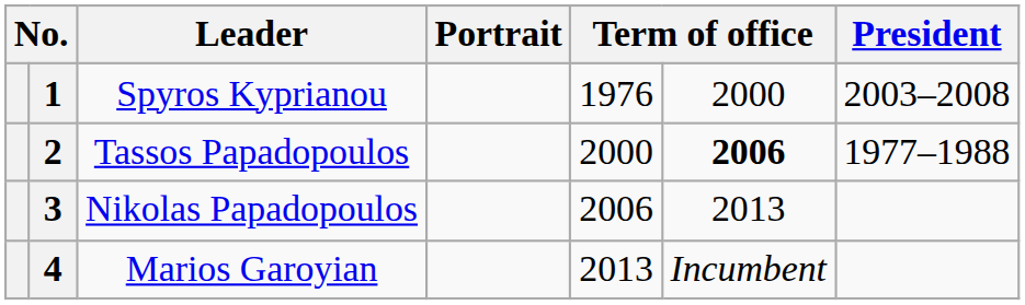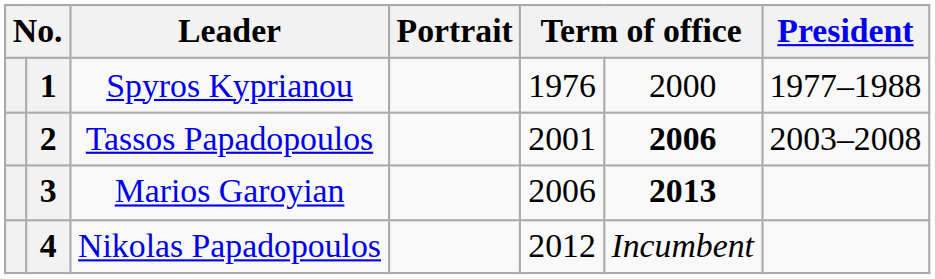 <table class="wikitable"  style="text-align:center;">
 <tr>
 <th colspan=2>No.</th>
 <th>Leader</th>
 <th>Portrait</th>
 <th colspan=2>Term of office</th>
 <th><a href='#'>President</a></th>
 </tr>
 <tr>
 <th style="background:"></th>
 <th>1</th>
 <td><a href='#'>Spyros Kyprianou</a></td>
 <td></td>
 <td>1976</td>
 <td>2000</td>
-<td>2003–2008</td>
+<td>1977–1988</td>
 </tr>
 <tr>
 <th style="background:"></th>
 <th>2</th>
 <td><a href='#'>Tassos Papadopoulos</a></td>
 <td></td>
-<td>2000</td>
+<td>2001</td>
 <td><strong>2006</strong></td>
-<td>1977–1988</td>
+<td>2003–2008</td>
 </tr>
 <tr>
 <th style="background:"></th>
 <th>3</th>
-<td><a href='#'>Nikolas Papadopoulos</a></td>
+<td><a href='#'>Marios Garoyian</a></td>
 <td></td>
 <td>2006</td>
-<td>2013</td>
+<td><strong>2013</strong></td>
 <td></td>
 </tr>
 <tr>
 <th style="background:"></th>
 <th>4</th>
-<td><a href='#'>Marios Garoyian</a></td>
+<td><a href='#'>Nikolas Papadopoulos</a></td>
 <td></td>
-<td>2013</td>
+<td>2012</td>
 <td><em>Incumbent</em></td>
 <td></td>
 </tr>
 </table>
